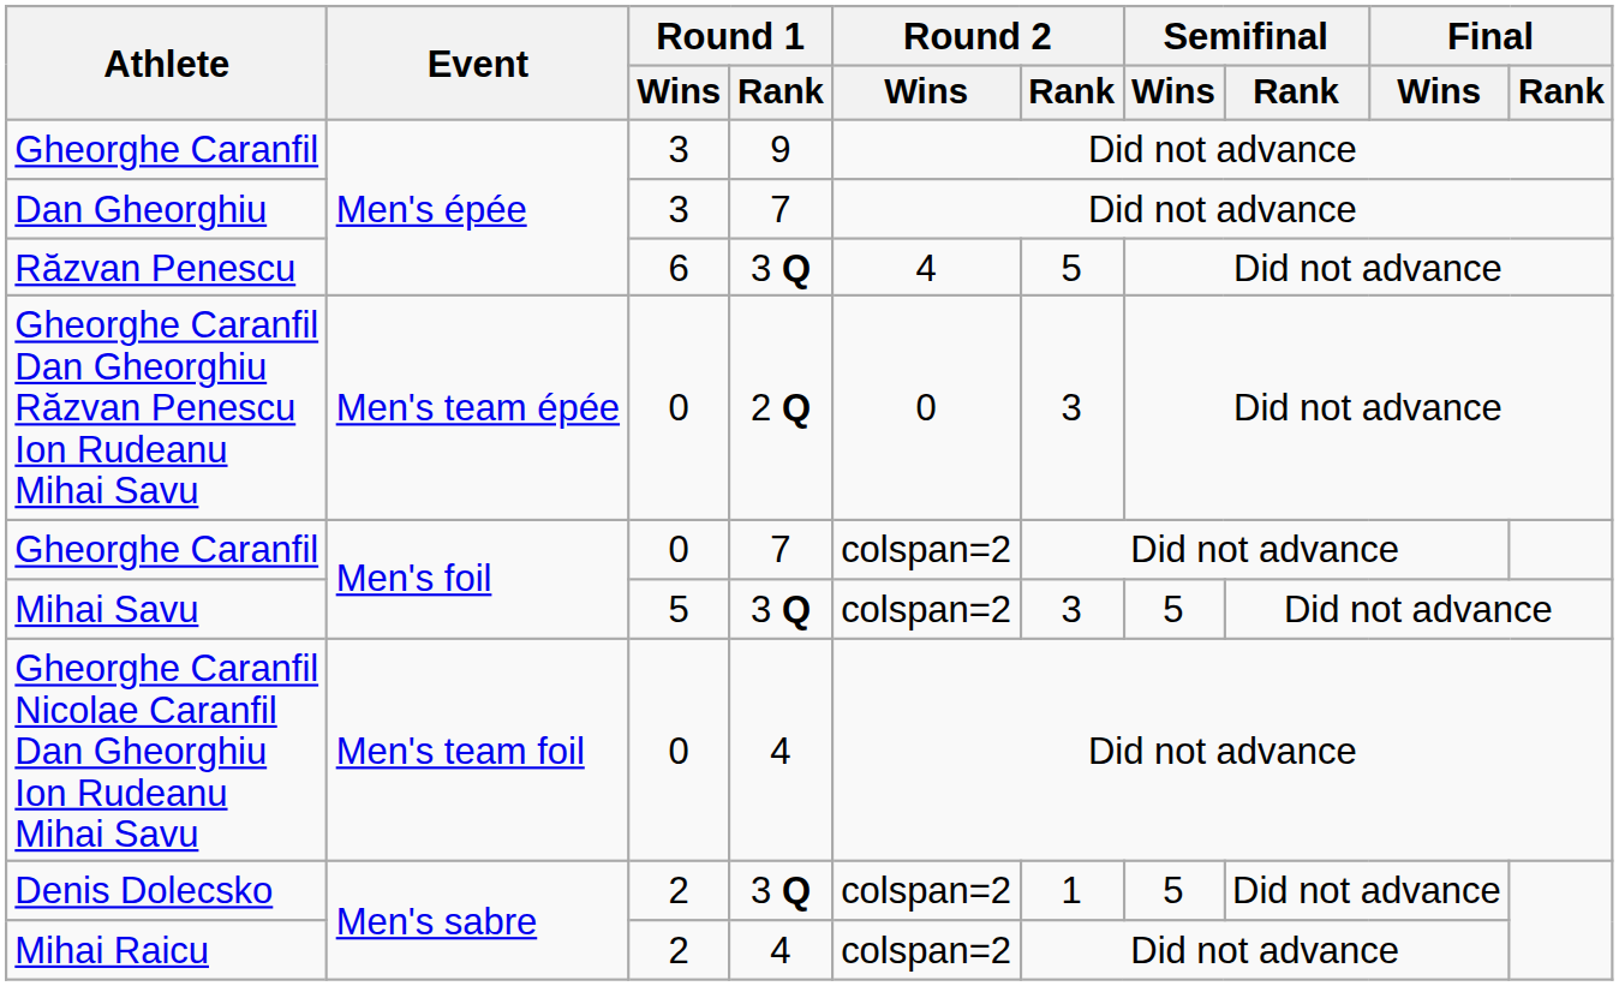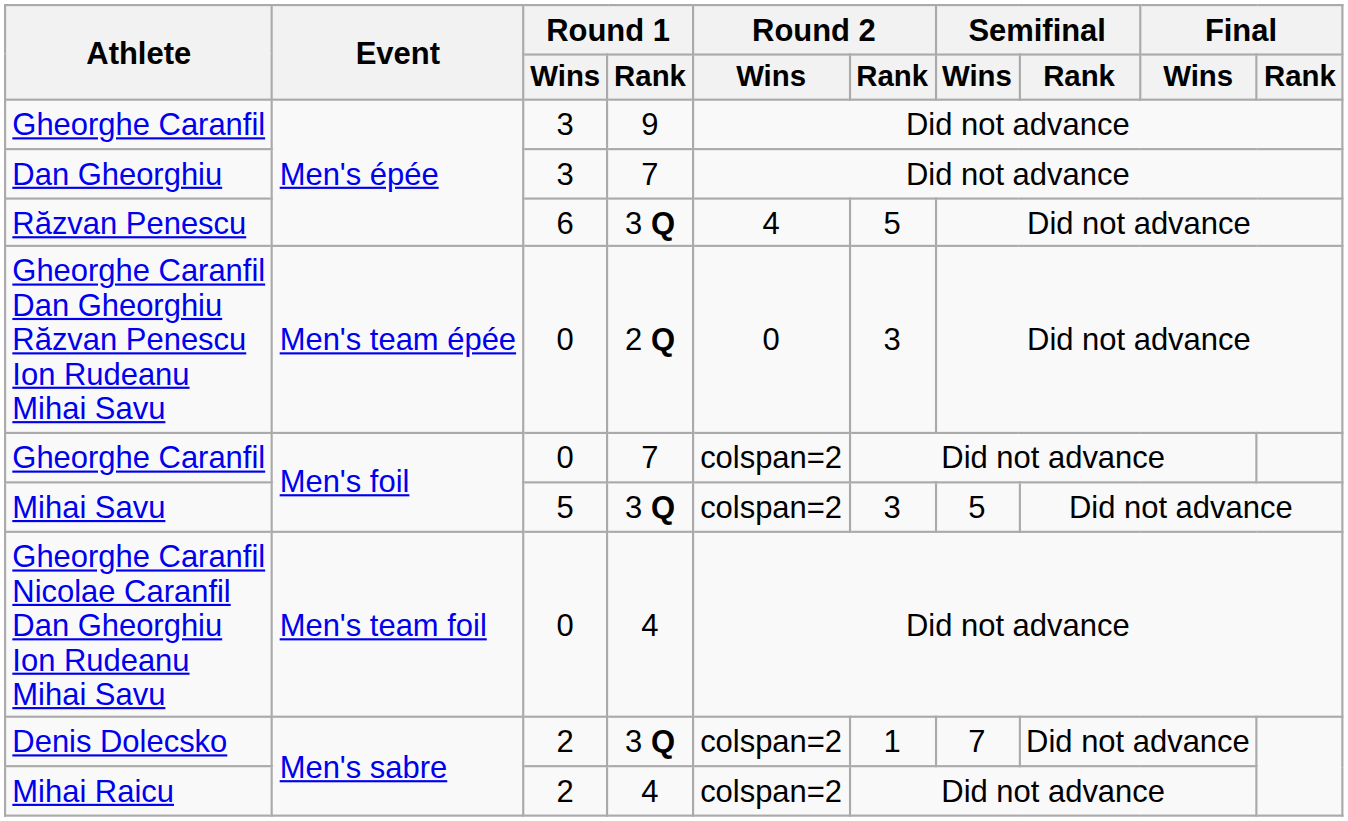 <table class="wikitable" style="font-size:90%">
 <tr>
 <th rowspan=2>Athlete</th>
 <th rowspan=2>Event</th>
 <th colspan=2>Round 1</th>
 <th colspan=2>Round 2</th>
 <th colspan=2>Semifinal</th>
 <th colspan=2>Final</th>
 </tr>
 <tr style="font-size:95%">
 <th>Wins</th>
 <th>Rank</th>
 <th>Wins</th>
 <th>Rank</th>
 <th>Wins</th>
 <th>Rank</th>
 <th>Wins</th>
 <th>Rank</th>
 </tr>
 <tr align=center>
 <td align=left><a href='#'>Gheorghe Caranfil</a></td>
 <td align=left rowspan=3><a href='#'>Men's épée</a></td>
 <td>3</td>
 <td>9</td>
 <td colspan=6>Did not advance</td>
 </tr>
 <tr align=center>
 <td align=left><a href='#'>Dan Gheorghiu</a></td>
 <td>3</td>
 <td>7</td>
 <td colspan=6>Did not advance</td>
 </tr>
 <tr align=center>
 <td align=left><a href='#'>Răzvan Penescu</a></td>
 <td>6</td>
 <td>3 <strong>Q</strong></td>
 <td>4</td>
 <td>5</td>
 <td colspan=4>Did not advance</td>
 </tr>
 <tr align=center>
 <td align=left><a href='#'>Gheorghe Caranfil</a> <br> <a href='#'>Dan Gheorghiu</a> <br> <a href='#'>Răzvan Penescu</a> <br> <a href='#'>Ion Rudeanu</a> <br> <a href='#'>Mihai Savu</a></td>
 <td align=left><a href='#'>Men's team épée</a></td>
 <td>0</td>
 <td>2 <strong>Q</strong></td>
 <td>0</td>
 <td>3</td>
 <td colspan=4>Did not advance</td>
 </tr>
 <tr align=center>
 <td align=left><a href='#'>Gheorghe Caranfil</a></td>
 <td align=left rowspan=2><a href='#'>Men's foil</a></td>
 <td>0</td>
 <td>7</td>
 <td>colspan=2 </td>
 <td colspan=4>Did not advance</td>
 </tr>
 <tr align=center>
 <td align=left><a href='#'>Mihai Savu</a></td>
 <td>5</td>
 <td>3 <strong>Q</strong></td>
 <td>colspan=2 </td>
 <td>3</td>
 <td>5</td>
 <td colspan=4>Did not advance</td>
 </tr>
 <tr align=center>
 <td align=left><a href='#'>Gheorghe Caranfil</a> <br> <a href='#'>Nicolae Caranfil</a> <br> <a href='#'>Dan Gheorghiu</a> <br> <a href='#'>Ion Rudeanu</a> <br> <a href='#'>Mihai Savu</a></td>
 <td align=left><a href='#'>Men's team foil</a></td>
 <td>0</td>
 <td>4</td>
 <td colspan=6>Did not advance</td>
 </tr>
 <tr align=center>
 <td align=left><a href='#'>Denis Dolecsko</a></td>
 <td align=left rowspan=2><a href='#'>Men's sabre</a></td>
 <td>2</td>
 <td>3 <strong>Q</strong></td>
 <td>colspan=2 </td>
 <td>1</td>
-<td>5</td>
+<td>7</td>
 <td colspan=2>Did not advance</td>
 </tr>
 <tr align=center>
 <td align=left><a href='#'>Mihai Raicu</a></td>
 <td>2</td>
 <td>4</td>
 <td>colspan=2 </td>
 <td colspan=4>Did not advance</td>
 </tr>
 </table>
